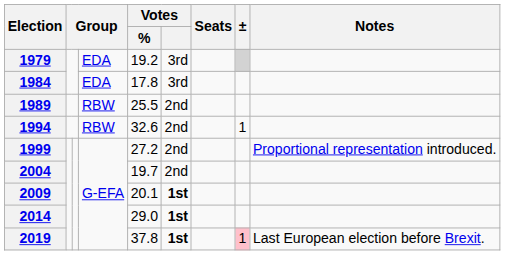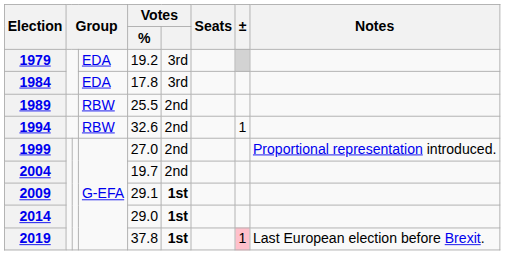 <table class="wikitable" style="text-align:right">
 <tr>
 <th rowspan="2">Election</th>
 <th colspan="3" rowspan="2">Group</th>
 <th colspan="2">Votes </th>
 <th rowspan="2">Seats</th>
 <th rowspan="2">±</th>
 <th rowspan="2">Notes</th>
 </tr>
 <tr>
 <th>%</th>
 <th></th>
 </tr>
 <tr>
 <th><a href='#'>1979</a></th>
 <td colspan="2" rowspan="2" style="background:"></td>
 <td align=left><a href='#'>EDA</a></td>
 <td>19.2</td>
 <td> 3rd</td>
 <td></td>
 <td bgcolor="lightgrey"></td>
 <td></td>
 </tr>
 <tr>
 <th><a href='#'>1984</a></th>
 <td align=left><a href='#'>EDA</a></td>
 <td>17.8</td>
 <td> 3rd</td>
 <td></td>
 <td></td>
 <td></td>
 </tr>
 <tr>
 <th><a href='#'>1989</a></th>
 <td colspan="2" style="background:"></td>
 <td align=left><a href='#'>RBW</a></td>
 <td>25.5</td>
 <td> 2nd</td>
 <td></td>
 <td></td>
 <td></td>
 </tr>
 <tr>
 <th><a href='#'>1994</a></th>
 <td colspan="2" style="background:"></td>
 <td align=left><a href='#'>RBW</a></td>
 <td>32.6</td>
 <td> 2nd</td>
 <td></td>
 <td> 1</td>
 <td></td>
 </tr>
 <tr>
 <th><a href='#'>1999</a></th>
 <td rowspan="5" style="background:"></td>
 <td rowspan="5" style="background:"></td>
 <td rowspan="5" align=left><a href='#'>G-EFA</a></td>
-<td>27.2</td>
+<td>27.0</td>
 <td> 2nd</td>
 <td></td>
 <td></td>
 <td align=left><a href='#'>Proportional representation</a> introduced.</td>
 </tr>
 <tr>
 <th><a href='#'>2004</a></th>
 <td>19.7</td>
 <td> 2nd</td>
 <td></td>
 <td></td>
 <td></td>
 </tr>
 <tr>
 <th><a href='#'>2009</a></th>
-<td>20.1</td>
+<td>29.1</td>
 <td> <strong>1st</strong></td>
 <td></td>
 <td></td>
 <td></td>
 </tr>
 <tr>
 <th><a href='#'>2014</a></th>
 <td>29.0</td>
 <td> <strong>1st</strong></td>
 <td></td>
 <td></td>
 <td></td>
 </tr>
 <tr>
 <th><a href='#'>2019</a></th>
 <td>37.8</td>
 <td> <strong>1st</strong></td>
 <td></td>
 <td style="background: pink;"> 1</td>
 <td align=left>Last European election before <a href='#'>Brexit</a>.</td>
 </tr>
 </table>
